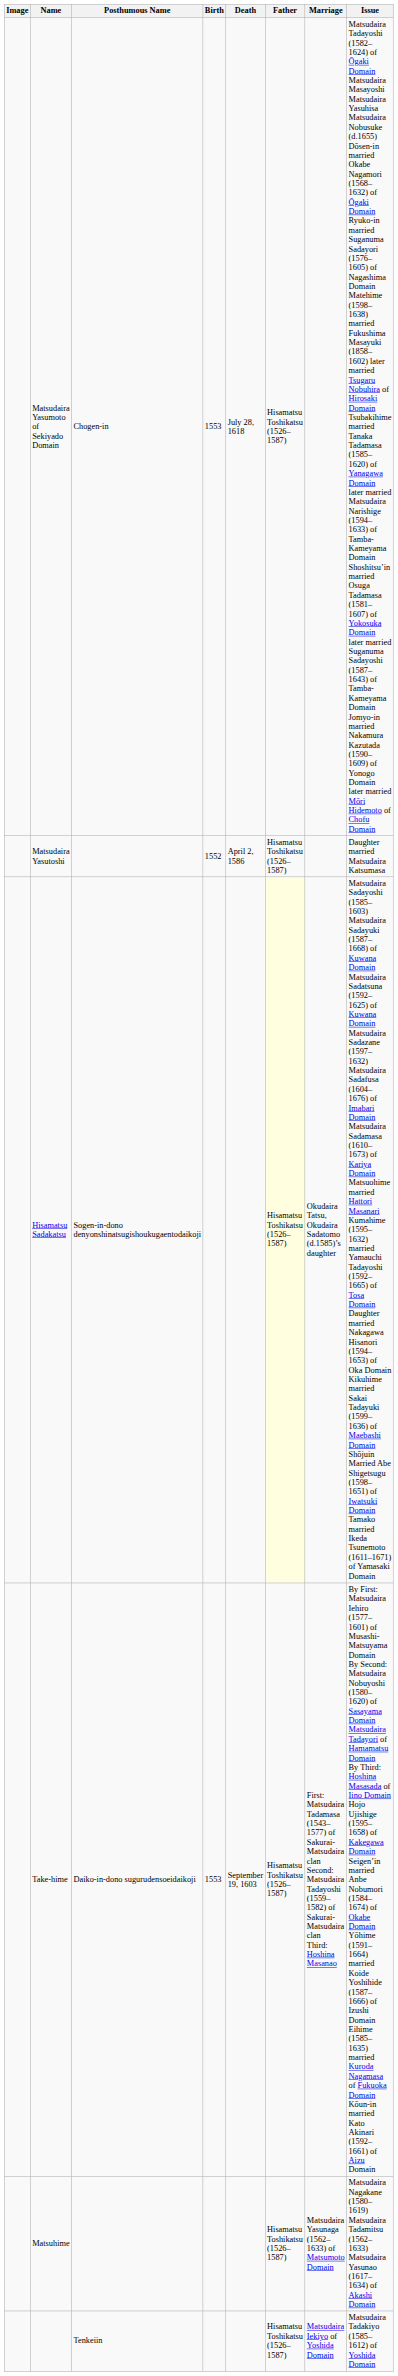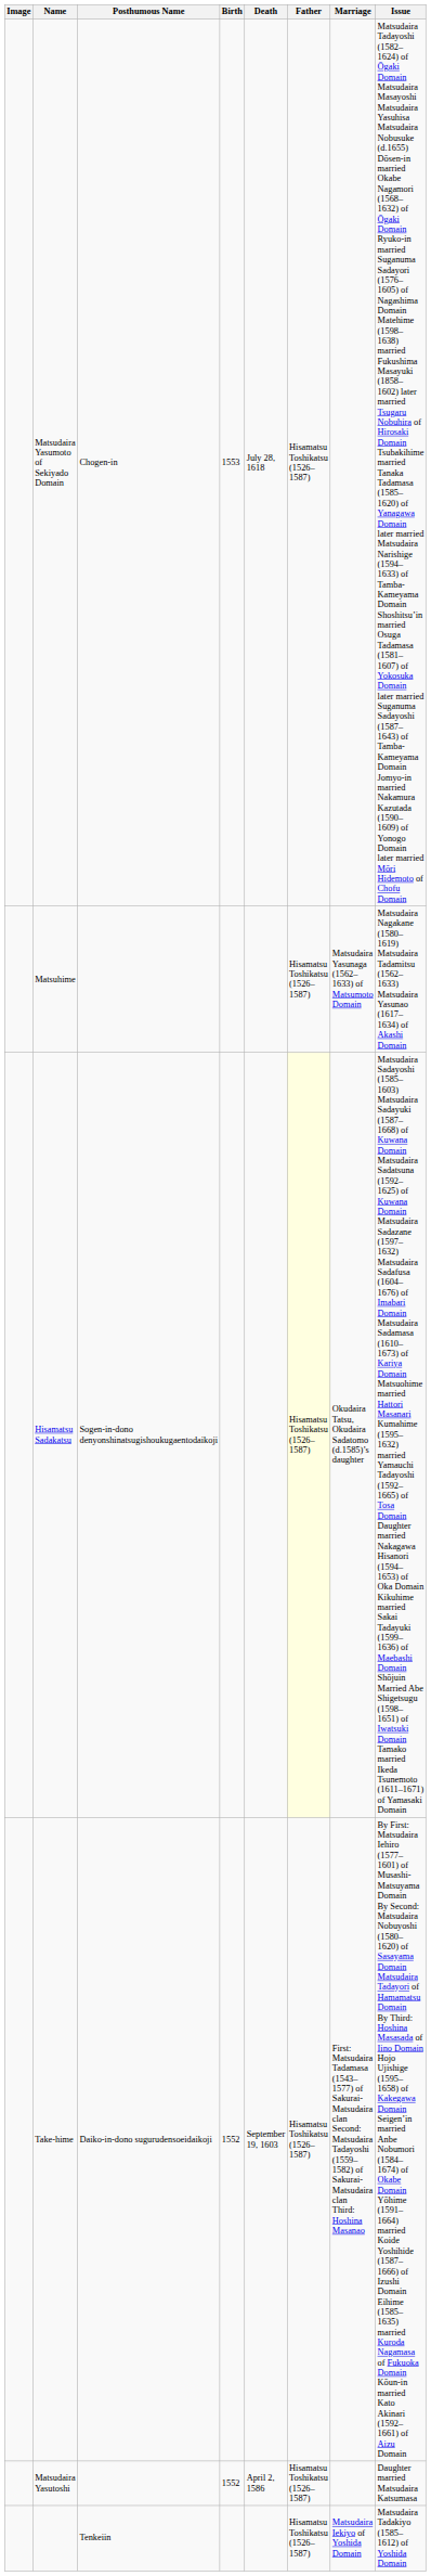 <table class="wikitable">
 <tr>
 <th>Image</th>
 <th>Name</th>
 <th>Posthumous Name</th>
 <th>Birth</th>
 <th>Death</th>
 <th>Father</th>
 <th>Marriage</th>
 <th>Issue</th>
 </tr>
 <tr>
 <td></td>
 <td>Matsudaira Yasumoto of Sekiyado Domain</td>
 <td>Chogen-in</td>
 <td>1553</td>
 <td>July 28, 1618</td>
 <td>Hisamatsu Toshikatsu (1526–1587)</td>
 <td></td>
 <td>Matsudaira Tadayoshi (1582–1624) of <a href='#'>Ōgaki Domain</a><br>Matsudaira Masayoshi<br>Matsudaira Yasuhisa<br>Matsudaira Nobusuke (d.1655)<br>Dōsen-in married Okabe Nagamori (1568–1632) of <a href='#'>Ōgaki Domain</a><br>Ryuko-in married Suganuma Sadayori (1576–1605) of Nagashima Domain<br>Matehime (1598–1638) married Fukushima Masayuki (1858–1602) later married <a href='#'>Tsugaru Nobuhira</a> of <a href='#'>Hirosaki Domain</a><br>Tsubakihime married Tanaka Tadamasa (1585–1620) of <a href='#'>Yanagawa Domain</a> later married Matsudaira Narishige (1594–1633) of Tamba-Kameyama Domain<br>Shoshitsu’in married Osuga Tadamasa (1581–1607) of <a href='#'>Yokosuka Domain</a> later married Suganuma Sadayoshi (1587–1643) of Tamba-Kameyama Domain<br>Jomyo-in married Nakamura Kazutada (1590–1609) of Yonogo Domain later married <a href='#'>Mōri Hidemoto</a> of <a href='#'>Chofu Domain</a></td>
 </tr>
 <tr>
 <td></td>
-<td>Matsudaira Yasutoshi</td>
+<td>Matsuhime</td>
 <td></td>
-<td>1552</td>
-<td>April 2, 1586</td>
+<td></td>
+<td></td>
 <td>Hisamatsu Toshikatsu (1526–1587)</td>
-<td></td>
-<td>Daughter married Matsudaira Katsumasa</td>
+<td>Matsudaira Yasunaga (1562–1633) of <a href='#'>Matsumoto Domain</a></td>
+<td>Matsudaira Nagakane (1580–1619)<br>Matsudaira Tadamitsu (1562–1633)<br>Matsudaira Yasunao (1617–1634) of <a href='#'>Akashi Domain</a></td>
 </tr>
 <tr>
 <td></td>
 <td><a href='#'>Hisamatsu Sadakatsu</a></td>
 <td>Sogen-in-dono denyonshinatsugishoukugaentodaikoji</td>
 <td></td>
 <td></td>
 <td style="background: lightyellow;">Hisamatsu Toshikatsu (1526–1587)</td>
 <td>Okudaira Tatsu, Okudaira Sadatomo (d.1585)’s daughter</td>
 <td>Matsudaira Sadayoshi (1585–1603)<br>Matsudaira Sadayuki (1587–1668) of <a href='#'>Kuwana Domain</a><br>Matsudaira Sadatsuna (1592–1625) of <a href='#'>Kuwana Domain</a><br>Matsudaira Sadazane (1597–1632)<br>Matsudaira Sadafusa (1604–1676) of <a href='#'>Imabari Domain</a><br>Matsudaira Sadamasa (1610–1673) of <a href='#'>Kariya Domain</a><br>Matsuohime married <a href='#'>Hattori Masanari</a><br>Kumahime (1595–1632) married Yamauchi Tadayoshi (1592–1665) of <a href='#'>Tosa Domain</a><br>Daughter married Nakagawa Hisanori (1594–1653) of Oka Domain<br>Kikuhime married Sakai Tadayuki (1599–1636) of <a href='#'>Maebashi Domain</a><br>Shōjuin Married Abe Shigetsugu (1598–1651) of <a href='#'>Iwatsuki Domain</a><br>Tamako married Ikeda Tsunemoto (1611–1671) of Yamasaki Domain</td>
 </tr>
 <tr>
 <td></td>
 <td>Take-hime</td>
 <td>Daiko-in-dono sugurudensoeidaikoji</td>
-<td>1553</td>
+<td>1552</td>
 <td>September 19, 1603</td>
 <td>Hisamatsu Toshikatsu (1526–1587)</td>
 <td>First: Matsudaira Tadamasa (1543–1577) of Sakurai-Matsudaira clan<br>Second: Matsudaira Tadayoshi (1559–1582) of Sakurai-Matsudaira clan<br>Third: <a href='#'>Hoshina Masanao</a></td>
 <td>By First: Matsudaira Iehiro (1577–1601) of Musashi-Matsuyama Domain<br>By Second: Matsudaira Nobuyoshi (1580–1620) of <a href='#'>Sasayama Domain</a><br><a href='#'>Matsudaira Tadayori</a> of <a href='#'>Hamamatsu Domain</a><br>By Third: <a href='#'>Hoshina Masasada</a> of <a href='#'>Iino Domain</a><br>Hojo Ujishige (1595–1658) of <a href='#'>Kakegawa Domain</a><br>Seigen’in married Anbe Nobumori (1584–1674) of <a href='#'>Okabe Domain</a><br>Yōhime (1591–1664) married Koide Yoshihide (1587–1666) of Izushi Domain<br>Eihime (1585–1635) married <a href='#'>Kuroda Nagamasa</a> of <a href='#'>Fukuoka Domain</a><br>Kōun-in married Kato Akinari (1592–1661) of <a href='#'>Aizu</a> Domain</td>
 </tr>
 <tr>
 <td></td>
-<td>Matsuhime</td>
+<td>Matsudaira Yasutoshi</td>
 <td></td>
+<td>1552</td>
+<td>April 2, 1586</td>
+<td>Hisamatsu Toshikatsu (1526–1587)</td>
 <td></td>
-<td></td>
-<td>Hisamatsu Toshikatsu (1526–1587)</td>
-<td>Matsudaira Yasunaga (1562–1633) of <a href='#'>Matsumoto Domain</a></td>
-<td>Matsudaira Nagakane (1580–1619)<br>Matsudaira Tadamitsu (1562–1633)<br>Matsudaira Yasunao (1617–1634) of <a href='#'>Akashi Domain</a></td>
+<td>Daughter married Matsudaira Katsumasa</td>
 </tr>
 <tr>
 <td></td>
 <td></td>
 <td>Tenkeiin</td>
 <td></td>
 <td></td>
 <td>Hisamatsu Toshikatsu (1526–1587)</td>
 <td><a href='#'>Matsudaira Iekiyo</a> of <a href='#'>Yoshida Domain</a></td>
 <td>Matsudaira Tadakiyo (1585–1612) of <a href='#'>Yoshida Domain</a></td>
 </tr>
 </table>
